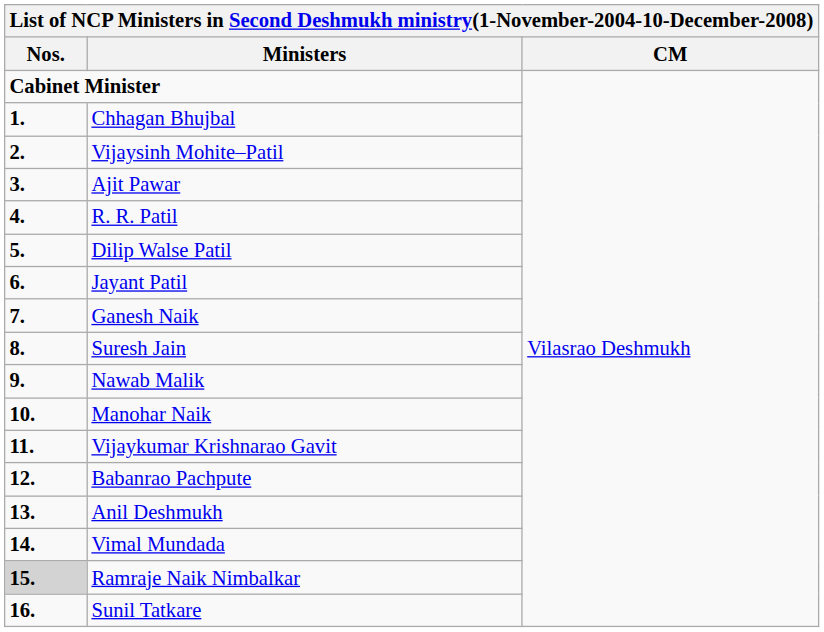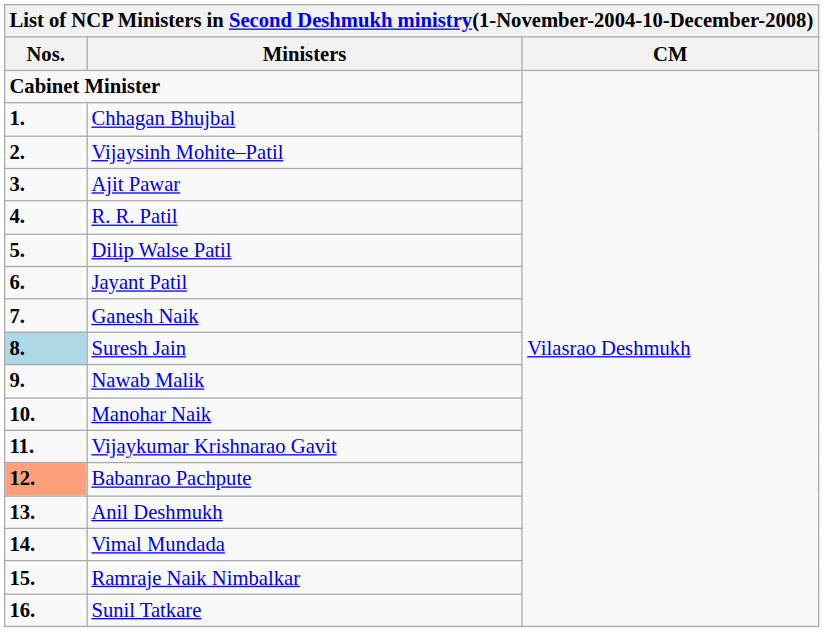 <table class="wikitable">
 <tr>
 <th colspan="3">List of NCP Ministers in <a href='#'>Second Deshmukh ministry</a>(1-November-2004-10-December-2008)</th>
 </tr>
 <tr>
 <th>Nos.</th>
 <th>Ministers</th>
 <th>CM</th>
 </tr>
 <tr>
 <td colspan="2"><strong>Cabinet Minister</strong></td>
 <td rowspan="17"><a href='#'>Vilasrao Deshmukh</a></td>
 </tr>
 <tr>
 <td><strong>1.</strong></td>
 <td><a href='#'>Chhagan Bhujbal</a></td>
 </tr>
 <tr>
 <td><strong>2.</strong></td>
 <td><a href='#'>Vijaysinh Mohite–Patil</a></td>
 </tr>
 <tr>
 <td><strong>3.</strong></td>
 <td><a href='#'>Ajit Pawar</a></td>
 </tr>
 <tr>
 <td><strong>4.</strong></td>
 <td><a href='#'>R. R. Patil</a></td>
 </tr>
 <tr>
 <td><strong>5.</strong></td>
 <td><a href='#'>Dilip Walse Patil</a></td>
 </tr>
 <tr>
 <td><strong>6.</strong></td>
 <td><a href='#'>Jayant Patil</a></td>
 </tr>
 <tr>
 <td><strong>7.</strong></td>
 <td><a href='#'>Ganesh Naik</a></td>
 </tr>
 <tr>
-<td><strong>8.</strong></td>
+<td style="background: lightblue;"><strong>8.</strong></td>
 <td><a href='#'>Suresh Jain</a></td>
 </tr>
 <tr>
 <td><strong>9.</strong></td>
 <td><a href='#'>Nawab Malik</a></td>
 </tr>
 <tr>
 <td><strong>10.</strong></td>
 <td><a href='#'>Manohar Naik</a></td>
 </tr>
 <tr>
 <td><strong>11.</strong></td>
 <td><a href='#'>Vijaykumar Krishnarao Gavit</a></td>
 </tr>
 <tr>
-<td><strong>12.</strong></td>
+<td style="background: lightsalmon;"><strong>12.</strong></td>
 <td><a href='#'>Babanrao Pachpute</a></td>
 </tr>
 <tr>
 <td><strong>13.</strong></td>
 <td><a href='#'>Anil Deshmukh</a></td>
 </tr>
 <tr>
 <td><strong>14.</strong></td>
 <td><a href='#'>Vimal Mundada</a></td>
 </tr>
 <tr>
-<td style="background: lightgrey;"><strong>15.</strong></td>
+<td><strong>15.</strong></td>
 <td><a href='#'>Ramraje Naik Nimbalkar</a></td>
 </tr>
 <tr>
 <td><strong>16.</strong></td>
 <td><a href='#'>Sunil Tatkare</a></td>
 </tr>
 </table>
